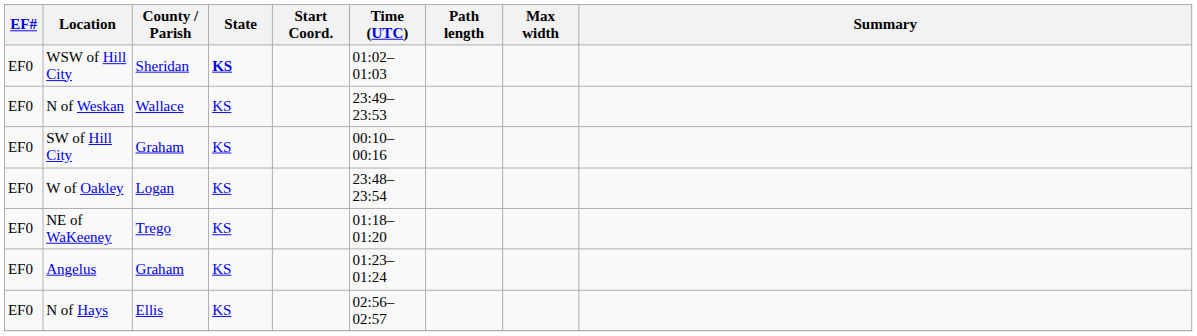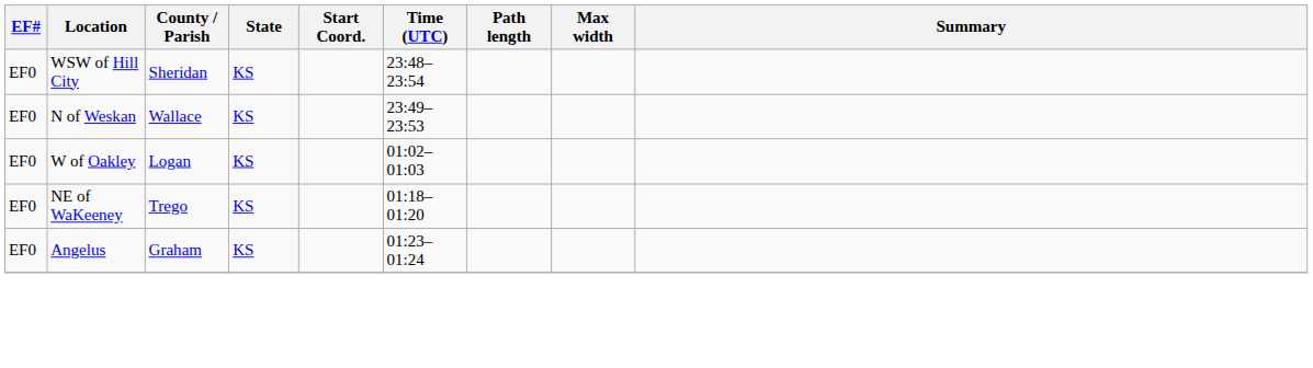 <table class="wikitable sortable" style="width:100%;">
 <tr>
 <th scope="col"  style="width:3%; text-align:center;"><a href='#'>EF#</a></th>
 <th scope="col"  style="width:7%; text-align:center;" class="unsortable">Location</th>
 <th scope="col"  style="width:6%; text-align:center;" class="unsortable">County / Parish</th>
 <th scope="col"  style="width:5%; text-align:center;">State</th>
 <th scope="col"  style="width:6%; text-align:center;">Start Coord.</th>
 <th scope="col"  style="width:6%; text-align:center;">Time (<a href='#'>UTC</a>)</th>
 <th scope="col"  style="width:6%; text-align:center;">Path length</th>
 <th scope="col"  style="width:6%; text-align:center;">Max width</th>
 <th scope="col" class="unsortable" style="width:48%; text-align:center;">Summary</th>
 </tr>
 <tr>
 <td>EF0</td>
 <td>WSW of <a href='#'>Hill City</a></td>
 <td><a href='#'>Sheridan</a></td>
-<td><strong><a href='#'>KS</a></strong></td>
+<td><a href='#'>KS</a></td>
 <td></td>
-<td>01:02–01:03</td>
+<td>23:48–23:54</td>
 <td></td>
 <td></td>
 <td></td>
 </tr>
 <tr>
 <td>EF0</td>
 <td>N of <a href='#'>Weskan</a></td>
 <td><a href='#'>Wallace</a></td>
 <td><a href='#'>KS</a></td>
 <td></td>
 <td>23:49–23:53</td>
 <td></td>
 <td></td>
 <td></td>
 </tr>
 <tr>
 <td>EF0</td>
-<td>SW of <a href='#'>Hill City</a></td>
-<td><a href='#'>Graham</a></td>
-<td><a href='#'>KS</a></td>
-<td></td>
-<td>00:10–00:16</td>
-<td></td>
-<td></td>
-<td></td>
-</tr>
-<tr>
-<td>EF0</td>
 <td>W of <a href='#'>Oakley</a></td>
 <td><a href='#'>Logan</a></td>
 <td><a href='#'>KS</a></td>
 <td></td>
-<td>23:48–23:54</td>
+<td>01:02–01:03</td>
 <td></td>
 <td></td>
 <td></td>
 </tr>
 <tr>
 <td>EF0</td>
 <td>NE of <a href='#'>WaKeeney</a></td>
 <td><a href='#'>Trego</a></td>
 <td><a href='#'>KS</a></td>
 <td></td>
 <td>01:18–01:20</td>
 <td></td>
 <td></td>
 <td></td>
 </tr>
 <tr>
 <td>EF0</td>
 <td><a href='#'>Angelus</a></td>
 <td><a href='#'>Graham</a></td>
 <td><a href='#'>KS</a></td>
 <td></td>
 <td>01:23–01:24</td>
 <td></td>
 <td></td>
 <td></td>
 </tr>
 <tr>
-<td>EF0</td>
-<td>N of <a href='#'>Hays</a></td>
-<td><a href='#'>Ellis</a></td>
-<td><a href='#'>KS</a></td>
-<td></td>
-<td>02:56–02:57</td>
-<td></td>
-<td></td>
-<td></td>
-</tr>
-<tr>
 </tr>
 </table>
